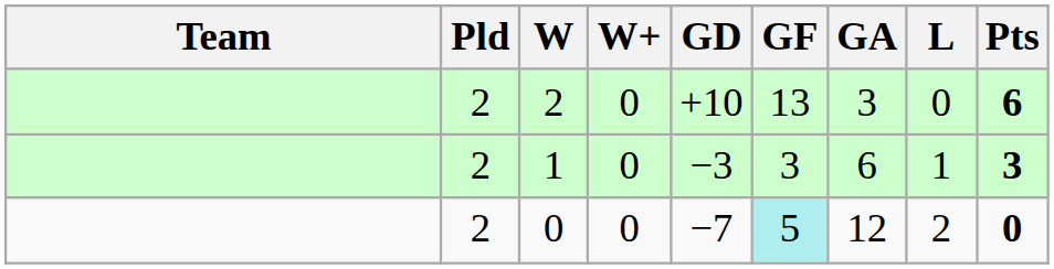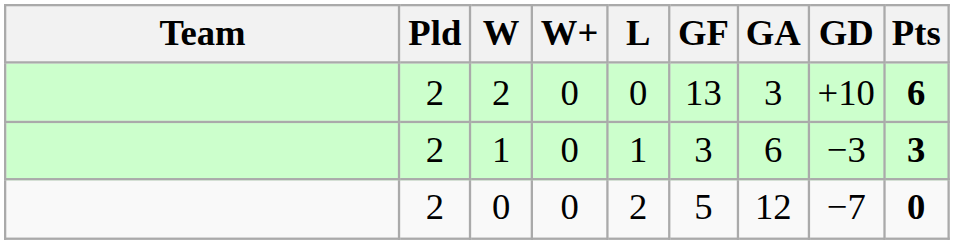 <table class="wikitable" style="text-align:center">
 <tr>
 <th width=165>Team</th>
 <th width=20>Pld</th>
 <th width=20>W</th>
 <th width=20>W+</th>
-<th width=20>GD</th>
+<th width=20>L</th>
 <th width=20>GF</th>
 <th width=20>GA</th>
-<th width=20>L</th>
+<th width=20>GD</th>
 <th width=20>Pts</th>
 </tr>
 <tr style="background:#ccffcc">
 <td style="text-align:left"></td>
 <td>2</td>
 <td>2</td>
 <td>0</td>
-<td>+10</td>
+<td>0</td>
 <td>13</td>
 <td>3</td>
-<td>0</td>
+<td>+10</td>
 <td><strong>6</strong></td>
 </tr>
 <tr style="background:#ccffcc">
 <td style="text-align:left"></td>
 <td>2</td>
 <td>1</td>
 <td>0</td>
-<td>−3</td>
+<td>1</td>
 <td>3</td>
 <td>6</td>
-<td>1</td>
+<td>−3</td>
 <td><strong>3</strong></td>
 </tr>
 <tr>
 <td style="text-align:left"></td>
 <td>2</td>
 <td>0</td>
 <td>0</td>
+<td>2</td>
+<td>5</td>
+<td>12</td>
 <td>−7</td>
-<td style="background: paleturquoise;">5</td>
-<td>12</td>
-<td>2</td>
 <td><strong>0</strong></td>
 </tr>
 </table>
